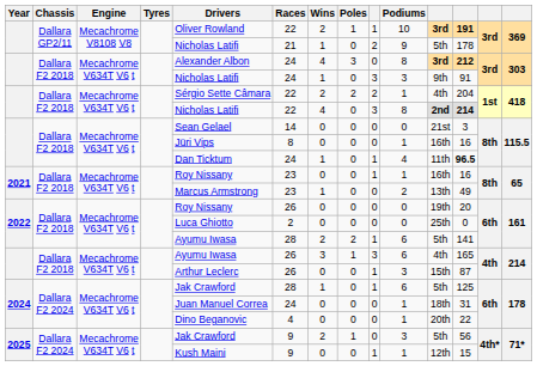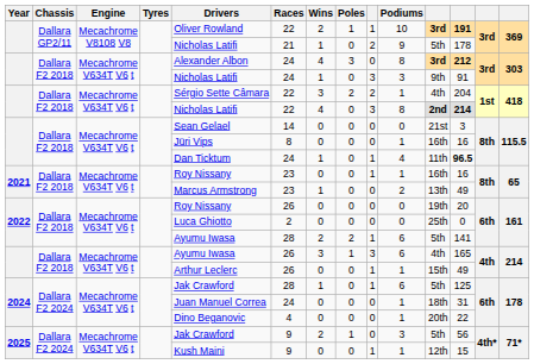 <table class="wikitable" style="text-align:center; font-size:85%">
 <tr>
 <th>Year</th>
 <th>Chassis</th>
 <th>Engine</th>
 <th>Tyres</th>
 <th>Drivers</th>
 <th>Races</th>
 <th>Wins</th>
 <th>Poles</th>
 <th></th>
 <th>Podiums</th>
 <th></th>
 <th></th>
 <th></th>
 <th></th>
 </tr>
 <tr>
 <th rowspan=2></th>
 <td rowspan=2><a href='#'>Dallara</a><br><a href='#'>GP2/11</a></td>
 <td rowspan=2><a href='#'>Mecachrome</a><br><a href='#'>V8108</a> <a href='#'>V8</a></td>
 <td rowspan=2></td>
 <td align=left> <a href='#'>Oliver Rowland</a></td>
 <td>22</td>
 <td>2</td>
 <td>1</td>
 <td>1</td>
 <td>10</td>
 <td style="background:#FFDF9F;"><strong>3rd</strong></td>
 <td style="background:#FFDF9F;"><strong>191</strong></td>
 <th rowspan="2" style="background:#FFDF9F;">3rd</th>
 <th rowspan="2" style="background:#FFDF9F;">369</th>
 </tr>
 <tr>
 <td align=left> <a href='#'>Nicholas Latifi</a></td>
 <td>21</td>
 <td>1</td>
 <td>0</td>
 <td>2</td>
 <td>9</td>
 <td>5th</td>
 <td>178</td>
 </tr>
 <tr>
 <th rowspan=2></th>
 <td rowspan=2><a href='#'>Dallara</a><br><a href='#'>F2 2018</a></td>
 <td rowspan=2><a href='#'>Mecachrome</a><br><a href='#'>V634T</a> <a href='#'>V6</a> <a href='#'>t</a></td>
 <td rowspan=2></td>
 <td align=left> <a href='#'>Alexander Albon</a></td>
 <td>24</td>
 <td>4</td>
 <td>3</td>
 <td>0</td>
 <td>8</td>
 <td style="background:#FFDF9F;"><strong>3rd</strong></td>
 <td style="background:#FFDF9F;"><strong>212</strong></td>
 <th rowspan="2" style="background:#FFDF9F;">3rd</th>
 <th rowspan="2" style="background:#FFDF9F;">303</th>
 </tr>
 <tr>
 <td align=left> <a href='#'>Nicholas Latifi</a></td>
 <td>24</td>
 <td>1</td>
 <td>0</td>
 <td>3</td>
 <td>3</td>
 <td>9th</td>
 <td>91</td>
 </tr>
 <tr>
 <th rowspan=2></th>
 <td rowspan=2><a href='#'>Dallara</a><br><a href='#'>F2 2018</a></td>
 <td rowspan=2><a href='#'>Mecachrome</a><br><a href='#'>V634T</a> <a href='#'>V6</a> <a href='#'>t</a></td>
 <td rowspan=2></td>
 <td align=left> <a href='#'>Sérgio Sette Câmara</a></td>
 <td>22</td>
-<td>2</td>
+<td>3</td>
 <td>2</td>
 <td>2</td>
 <td>1</td>
 <td>4th</td>
 <td>204</td>
 <th rowspan="2" style="background:#FFFFBF;">1st</th>
 <th rowspan="2" style="background:#FFFFBF;">418</th>
 </tr>
 <tr>
 <td align=left> <a href='#'>Nicholas Latifi</a></td>
 <td>22</td>
 <td>4</td>
 <td>0</td>
 <td>3</td>
 <td>8</td>
 <td style="background:#DFDFDF;"><strong>2nd</strong></td>
 <td style="background:#DFDFDF;"><strong>214</strong></td>
 </tr>
 <tr>
 <th rowspan=3></th>
 <td rowspan=3><a href='#'>Dallara</a><br><a href='#'>F2 2018</a></td>
 <td rowspan=3><a href='#'>Mecachrome</a><br><a href='#'>V634T</a> <a href='#'>V6</a> <a href='#'>t</a></td>
 <td rowspan=3></td>
 <td align=left> <a href='#'>Sean Gelael</a></td>
 <td>14</td>
 <td>0</td>
 <td>0</td>
 <td>0</td>
 <td>0</td>
 <td>21st</td>
 <td>3</td>
 <th rowspan="3">8th</th>
 <th rowspan="3">115.5</th>
 </tr>
 <tr>
 <td align=left> <a href='#'>Jüri Vips</a></td>
 <td>8</td>
 <td>0</td>
 <td>0</td>
 <td>0</td>
 <td>1</td>
 <td>16th</td>
 <td>16</td>
 </tr>
 <tr>
 <td align=left> <a href='#'>Dan Ticktum</a></td>
 <td>24</td>
 <td>1</td>
 <td>0</td>
 <td>1</td>
 <td>4</td>
 <td>11th</td>
 <td><strong>96.5</strong></td>
 </tr>
 <tr>
 <th rowspan="2"><a href='#'>2021</a></th>
 <td rowspan=2><a href='#'>Dallara</a><br><a href='#'>F2 2018</a></td>
 <td rowspan=2><a href='#'>Mecachrome</a><br><a href='#'>V634T</a> <a href='#'>V6</a> <a href='#'>t</a></td>
 <td rowspan=2></td>
 <td align=left> <a href='#'>Roy Nissany</a></td>
 <td>23</td>
 <td>0</td>
 <td>0</td>
 <td>1</td>
 <td>1</td>
 <td>16th</td>
 <td>16</td>
 <th rowspan="2">8th</th>
 <th rowspan="2">65</th>
 </tr>
 <tr>
 <td align=left> <a href='#'>Marcus Armstrong</a></td>
 <td>23</td>
 <td>1</td>
 <td>0</td>
 <td>0</td>
 <td>2</td>
 <td>13th</td>
 <td>49</td>
 </tr>
 <tr>
 <th rowspan=3><a href='#'>2022</a></th>
 <td rowspan=3><a href='#'>Dallara</a><br><a href='#'>F2 2018</a></td>
 <td rowspan=3><a href='#'>Mecachrome</a><br><a href='#'>V634T</a> <a href='#'>V6</a> <a href='#'>t</a></td>
 <td rowspan=3></td>
 <td align=left> <a href='#'>Roy Nissany</a></td>
 <td>26</td>
 <td>0</td>
 <td>0</td>
 <td>0</td>
 <td>0</td>
 <td>19th</td>
 <td>20</td>
 <th rowspan=3>6th</th>
 <th rowspan=3>161</th>
 </tr>
 <tr>
 <td align=left> <a href='#'>Luca Ghiotto</a></td>
 <td>2</td>
 <td>0</td>
 <td>0</td>
 <td>0</td>
 <td>0</td>
 <td>25th</td>
 <td>0</td>
 </tr>
 <tr>
 <td align=left> <a href='#'>Ayumu Iwasa</a></td>
 <td>28</td>
 <td>2</td>
 <td>2</td>
 <td>1</td>
 <td>6</td>
 <td>5th</td>
 <td>141</td>
 </tr>
 <tr>
 <th rowspan=2></th>
 <td rowspan=2><a href='#'>Dallara</a><br><a href='#'>F2 2018</a></td>
 <td rowspan=2><a href='#'>Mecachrome</a><br><a href='#'>V634T</a> <a href='#'>V6</a> <a href='#'>t</a></td>
 <td rowspan=2></td>
 <td align=left> <a href='#'>Ayumu Iwasa</a></td>
 <td>26</td>
 <td>3</td>
 <td>1</td>
 <td>3</td>
 <td>6</td>
 <td style="background:#;">4th</td>
 <td style="background:#;">165</td>
 <th rowspan="2" style="background:#;">4th</th>
 <th rowspan="2" style="background:#;">214</th>
 </tr>
 <tr>
 <td align=left> <a href='#'>Arthur Leclerc</a></td>
 <td>26</td>
 <td>0</td>
 <td>0</td>
 <td>1</td>
-<td>3</td>
+<td>1</td>
 <td>15th</td>
-<td>87</td>
+<td>49</td>
 </tr>
 <tr>
 <th rowspan=3><a href='#'>2024</a></th>
 <td rowspan=3><a href='#'>Dallara</a><br><a href='#'>F2 2024</a></td>
 <td rowspan=3><a href='#'>Mecachrome</a><br><a href='#'>V634T</a> <a href='#'>V6</a> <a href='#'>t</a></td>
 <td rowspan=3></td>
 <td align=left> <a href='#'>Jak Crawford</a></td>
 <td>28</td>
 <td>1</td>
 <td>0</td>
 <td>1</td>
 <td>6</td>
 <td style="background:#;">5th</td>
 <td style="background:#;">125</td>
 <th rowspan=3 style="background:#;">6th</th>
 <th rowspan=3 style="background:#;">178</th>
 </tr>
 <tr>
 <td align=left> <a href='#'>Juan Manuel Correa</a></td>
 <td>24</td>
 <td>0</td>
 <td>0</td>
 <td>0</td>
 <td>1</td>
 <td style="background:;">18th</td>
 <td style="background:;">31</td>
 </tr>
 <tr>
 <td align=left> <a href='#'>Dino Beganovic</a></td>
 <td>4</td>
 <td>0</td>
 <td>0</td>
 <td>0</td>
 <td>1</td>
 <td style="background:;">20th</td>
 <td style="background:;">22</td>
 </tr>
 <tr>
 <th rowspan="2"><a href='#'>2025</a></th>
 <td rowspan=2><a href='#'>Dallara</a><br><a href='#'>F2 2024</a></td>
 <td rowspan=2><a href='#'>Mecachrome</a><br><a href='#'>V634T</a> <a href='#'>V6</a> <a href='#'>t</a></td>
 <td rowspan=2></td>
 <td align=left> <a href='#'>Jak Crawford</a></td>
 <td>9</td>
 <td>2</td>
 <td>1</td>
 <td>0</td>
 <td>3</td>
 <td style="background:#;">5th</td>
 <td style="background:#;">56</td>
 <th rowspan="2" style="background:#;">4th*</th>
 <th rowspan="2" style="background:#;">71*</th>
 </tr>
 <tr>
 <td align=left> <a href='#'>Kush Maini</a></td>
 <td>9</td>
 <td>0</td>
 <td>0</td>
 <td>1</td>
 <td>1</td>
 <td style="background:#;">12th</td>
 <td style="background:#;">15</td>
 </tr>
 </table>
